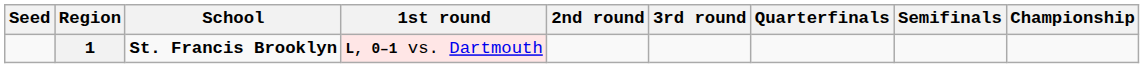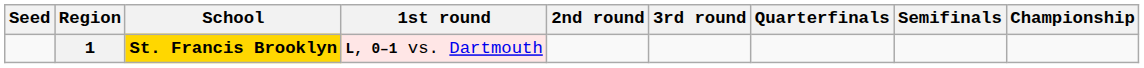 <table class="sortable wikitable" style="white-space:nowrap; font-size:90%;">
 <tr>
 <th>Seed</th>
 <th>Region</th>
 <th>School</th>
 <th>1st round</th>
 <th>2nd round</th>
 <th>3rd round</th>
 <th>Quarterfinals</th>
 <th>Semifinals</th>
 <th>Championship</th>
 </tr>
 <tr>
 <td></td>
 <th>1</th>
-<td><strong>St. Francis Brooklyn</strong></td>
+<td style="background: gold;"><strong>St. Francis Brooklyn</strong></td>
 <td style="background:#FFE6E6;"><small><strong>L, 0–1</strong></small> vs. <a href='#'>Dartmouth</a></td>
 <td></td>
 <td></td>
 <td></td>
 <td></td>
 </tr>
 </table>
